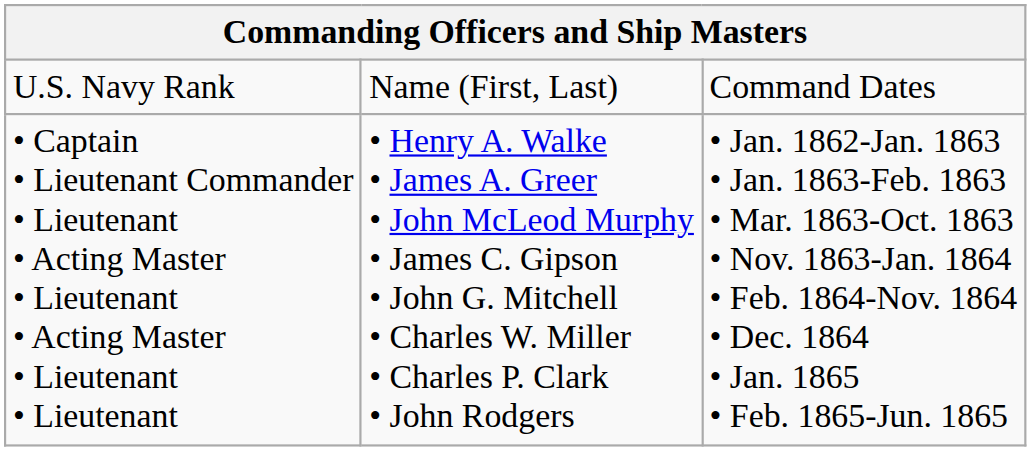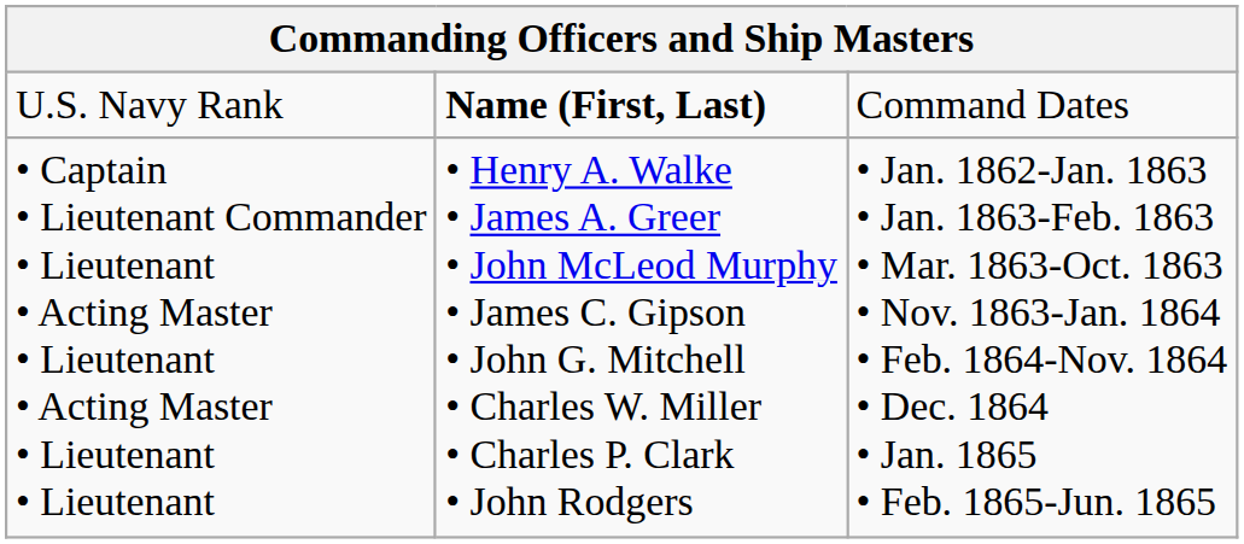 <table class="wikitable" style="font-size:97%;">
 <tr>
 <th colspan="3">Commanding Officers and Ship Masters</th>
 </tr>
 <tr>
 <td>U.S. Navy Rank</td>
-<td>Name (First, Last)</td>
+<td><strong>Name (First, Last)</strong></td>
 <td>Command Dates</td>
 </tr>
 <tr>
 <td valign=top>• Captain<br>• Lieutenant Commander<br>• Lieutenant<br>• Acting Master<br>• Lieutenant<br>• Acting Master<br>• Lieutenant<br>• Lieutenant<br></td>
 <td valign=top>• <a href='#'>Henry A. Walke</a><br>• <a href='#'>James A. Greer</a><br>• <a href='#'>John McLeod Murphy</a><br>• James C. Gipson<br>• John G. Mitchell<br>• Charles W. Miller<br>• Charles P. Clark<br>• John Rodgers<br></td>
 <td valign=top>• Jan. 1862-Jan. 1863<br>• Jan. 1863-Feb. 1863<br>• Mar. 1863-Oct. 1863<br>• Nov. 1863-Jan. 1864<br>• Feb. 1864-Nov. 1864<br>• Dec. 1864<br>• Jan. 1865<br>• Feb. 1865-Jun. 1865<br></td>
 </tr>
 </table>
